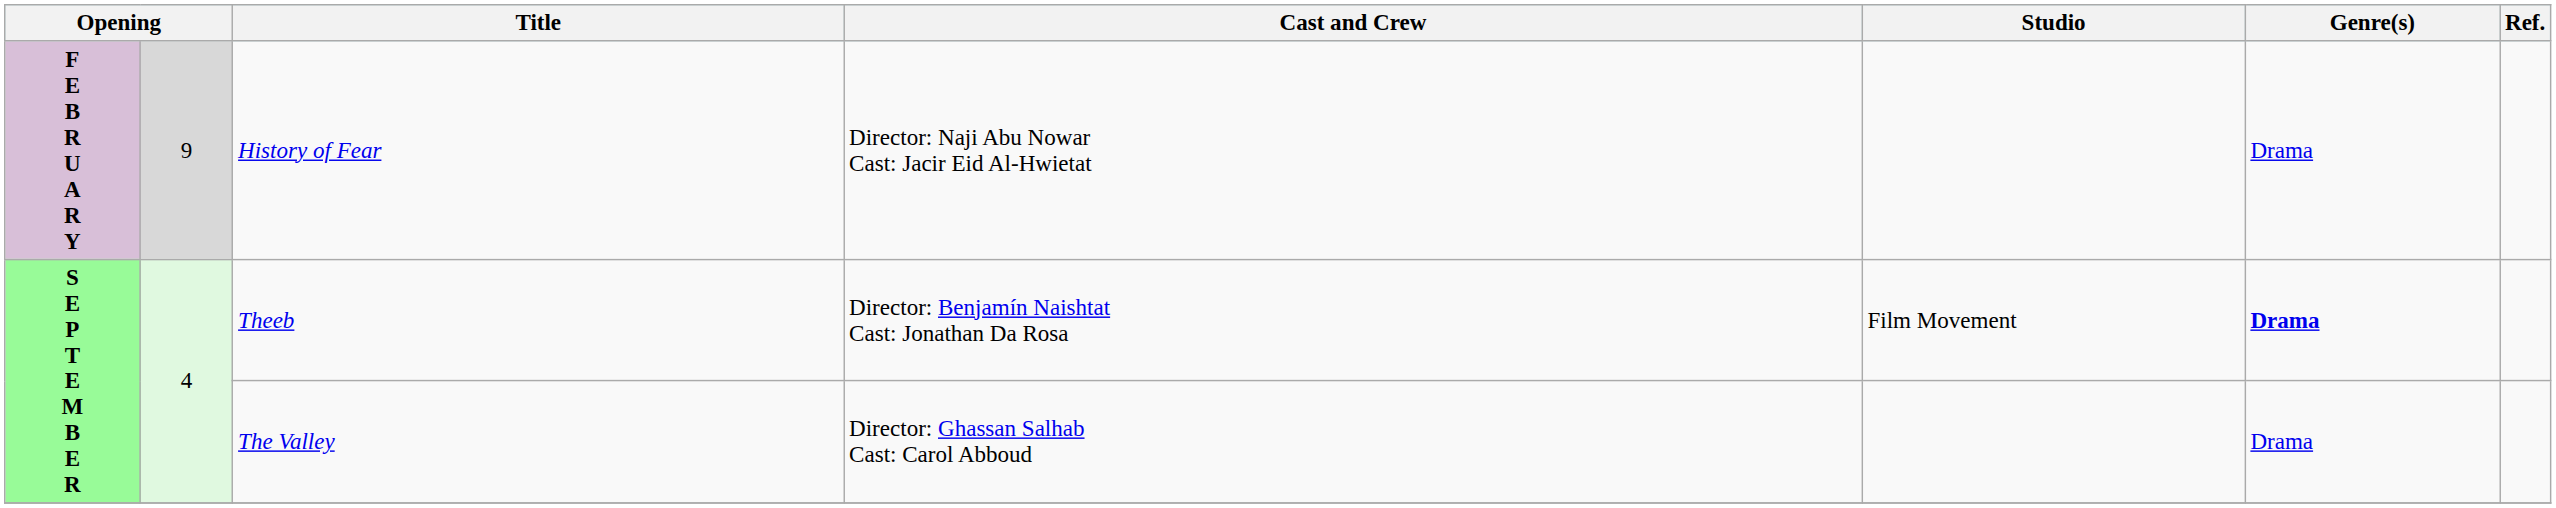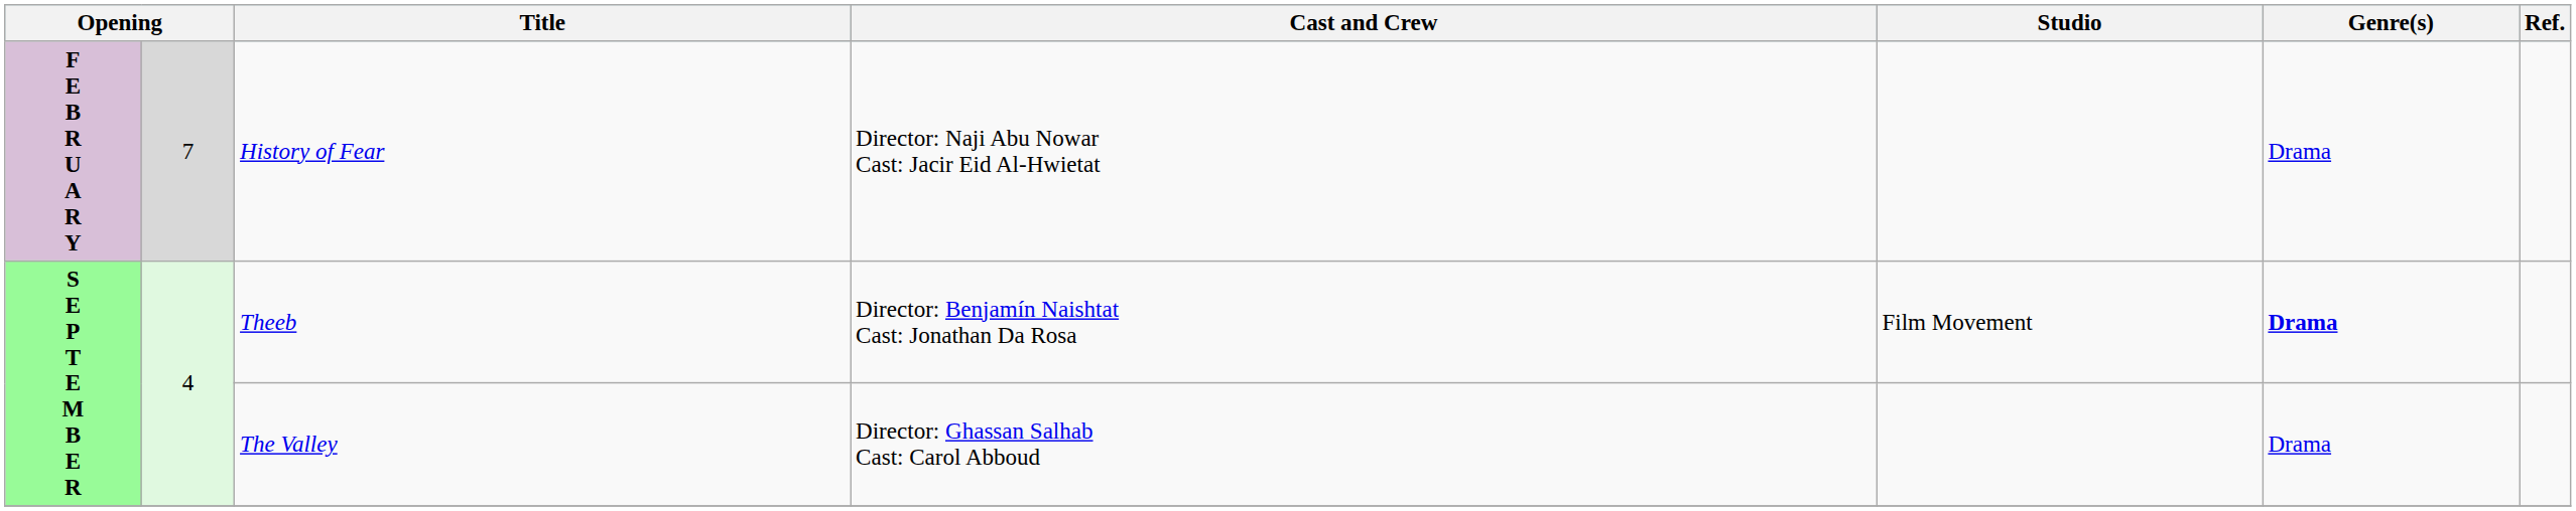 <table class="wikitable">
 <tr style="background:#b0e0e6; text-align:center;">
 <th colspan="2">Opening</th>
 <th style="width:24%;">Title</th>
 <th style="width:40%;">Cast and Crew</th>
 <th>Studio</th>
 <th style="width:10%;">Genre(s)</th>
 <th style="width:2%;">Ref.</th>
 </tr>
 <tr>
 <th rowspan="1" style="text-align:center; background:thistle; textcolor:#000;">F<br>E<br>B<br>R<br>U<br>A<br>R<br>Y</th>
-<td rowspan="1" style="text-align:center; background:#d8d8d8;">9</td>
+<td rowspan="1" style="text-align:center; background:#d8d8d8;">7</td>
 <td><em><a href='#'>History of Fear</a></em></td>
 <td>Director: Naji Abu Nowar <br> Cast: Jacir Eid Al-Hwietat</td>
 <td></td>
 <td><a href='#'>Drama</a></td>
 <td style="text-align:center"></td>
 </tr>
 <tr>
 <th rowspan="2" style="text-align:center; background:#98fb98; textcolor:#000;">S<br>E<br>P<br>T<br>E<br>M<br>B<br>E<br>R</th>
 <td rowspan="2" style="text-align:center; background:#e0f9e0;">4</td>
 <td><em><a href='#'>Theeb</a></em></td>
 <td>Director: <a href='#'>Benjamín Naishtat</a> <br> Cast: Jonathan Da Rosa</td>
 <td>Film Movement</td>
 <td><strong><a href='#'>Drama</a></strong></td>
 <td style="text-align:center"></td>
 </tr>
 <tr>
 <td><em><a href='#'>The Valley</a></em></td>
 <td>Director: <a href='#'>Ghassan Salhab</a> <br> Cast: Carol Abboud</td>
 <td></td>
 <td><a href='#'>Drama</a></td>
 <td style="text-align:center"></td>
 </tr>
 <tr>
 </tr>
 </table>
